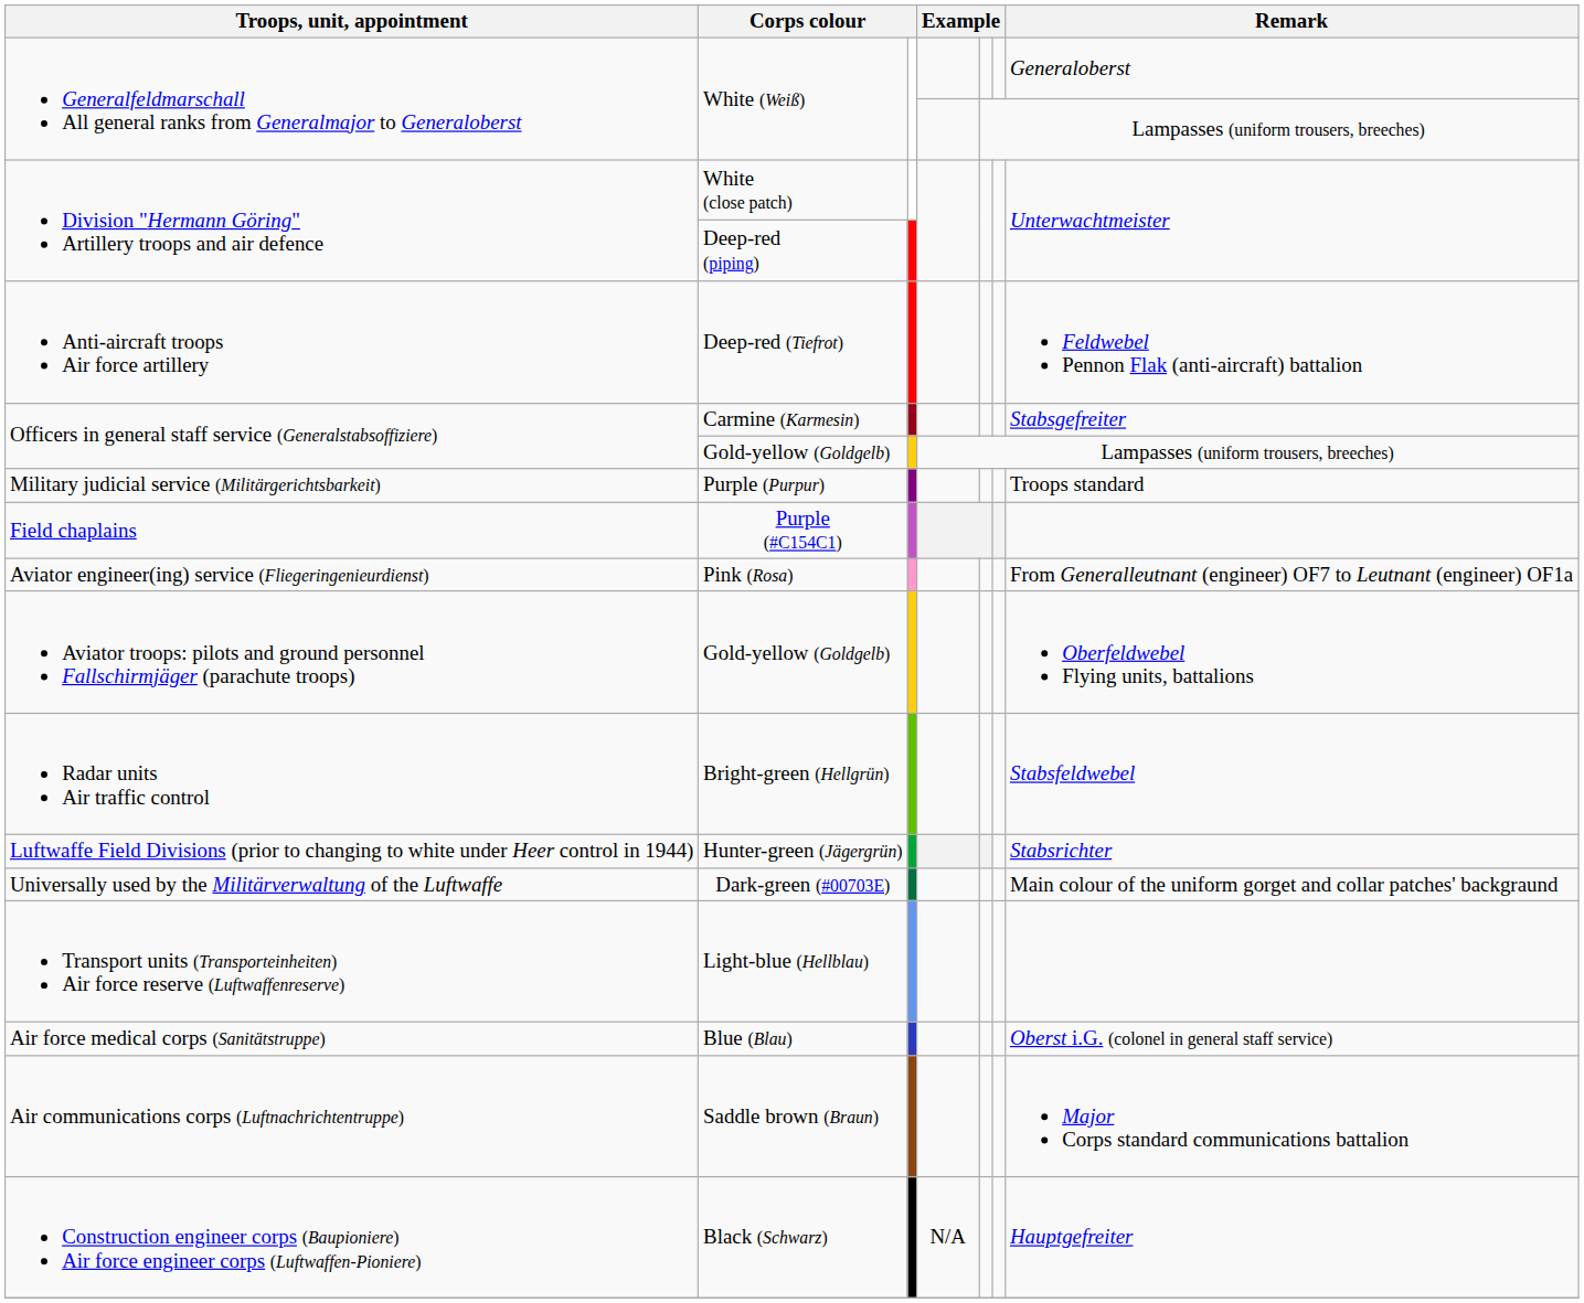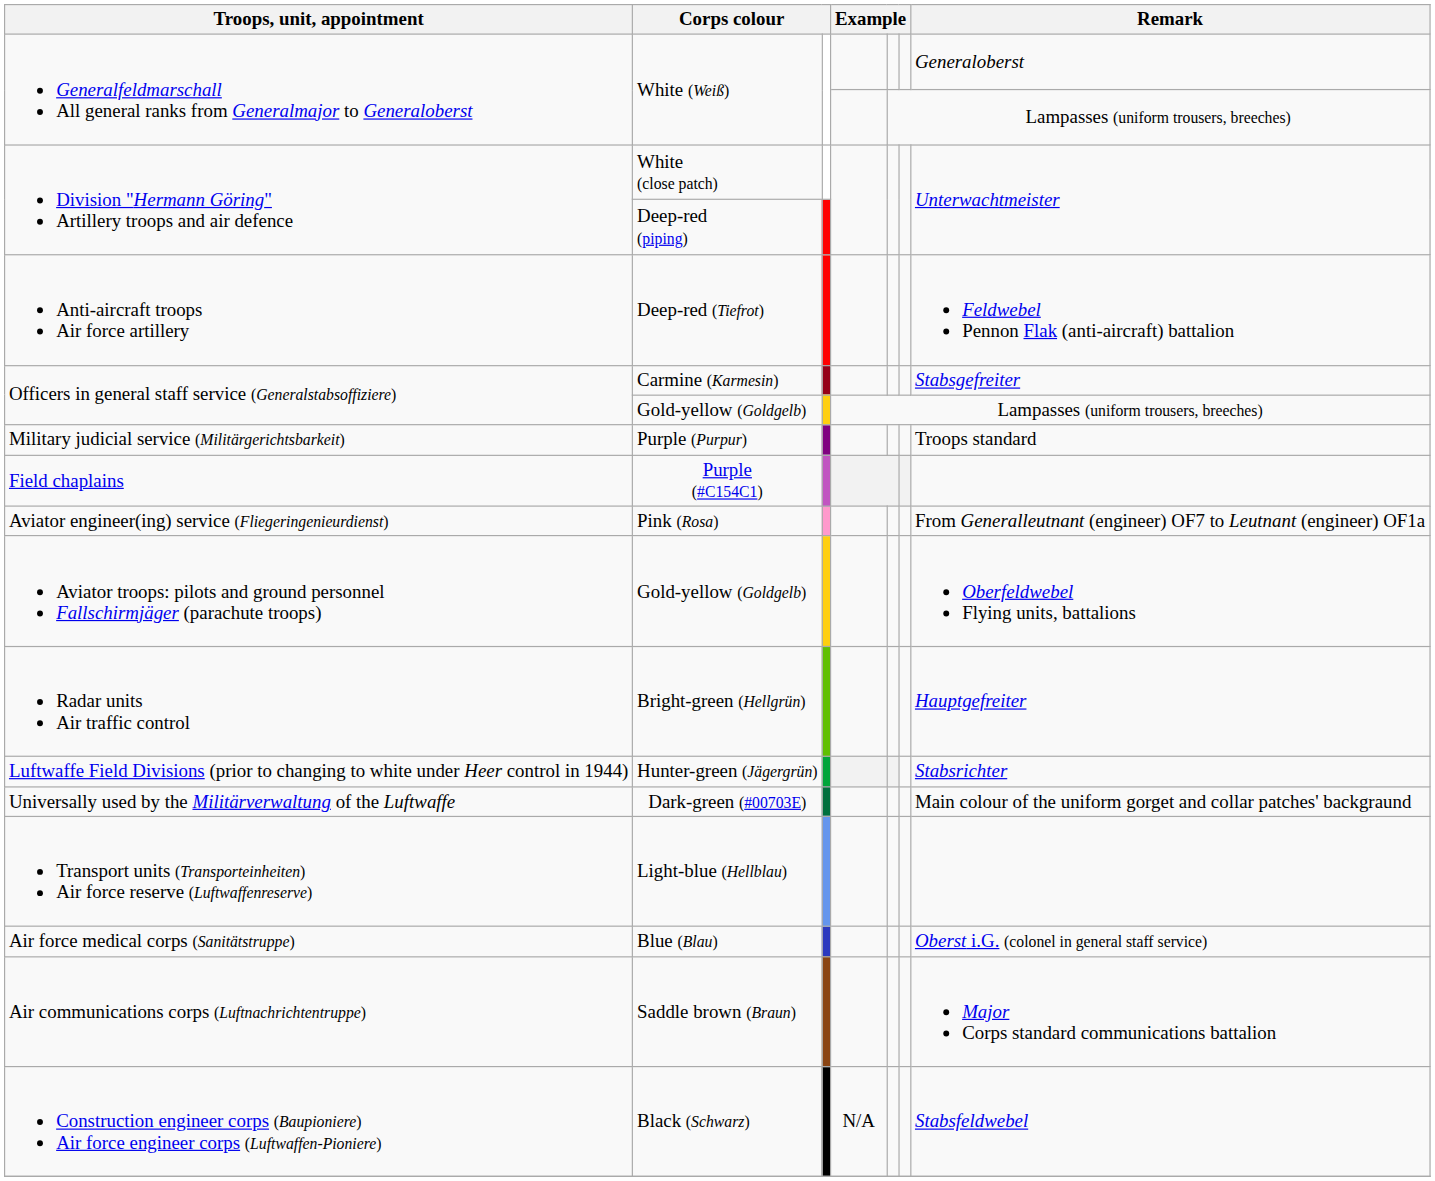 <table class="wikitable">
 <tr>
 <th>Troops, unit, appointment</th>
 <th colspan="2">Corps colour</th>
 <th colspan="3">Example</th>
 <th colspan="1">Remark</th>
 </tr>
 <tr 1>
 <td rowspan="2"><br><ul><li><em><a href='#'>Generalfeldmarschall</a></em></li><li>All general ranks from <em><a href='#'>Generalmajor</a></em> to <em><a href='#'>Generaloberst</a></em></li></ul></td>
 <td rowspan="2">White <small>(<em>Weiß</em>)</small></td>
 <td rowspan="2" style="background:white"></td>
 <td align="center"></td>
 <td align="center"></td>
 <td align="center"></td>
 <td><em>Generaloberst</em></td>
 </tr>
 <tr 2>
 <td align="center"></td>
 <td align="center" colspan="3">Lampasses <small>(uniform trousers, breeches)</small></td>
 </tr>
 <tr 3>
 <td rowspan=2><br><ul><li><a href='#'>Division "<em>Hermann Göring</em>"</a></li><li>Artillery troops and air defence</li></ul></td>
 <td>White<br><small>(close patch)</small></td>
 <td style = "background:white"></td>
 <td align="center" rowspan=2></td>
 <td rowspan=2></td>
 <td rowspan=2></td>
 <td rowspan=2><em><a href='#'>Unterwachtmeister</a></em></td>
 </tr>
 <tr>
 <td>Deep-red<br><small>(<a href='#'>piping</a>)</small></td>
 <td style="background:red"></td>
 </tr>
 <tr 4>
 <td><br><ul><li>Anti-aircraft troops</li><li>Air force artillery</li></ul></td>
 <td>Deep-red <small>(<em>Tiefrot</em>)</small></td>
 <td style="background:red"></td>
 <td align=center></td>
 <td align=center></td>
 <td align=center></td>
 <td><br><ul><li><em><a href='#'>Feldwebel</a></em></li><li>Pennon <a href='#'>Flak</a> (anti-aircraft) battalion</li></ul></td>
 </tr>
 <tr 5>
 <td rowspan="2">Officers in general staff service <small>(<em>Generalstabsoffiziere</em>)</small></td>
 <td>Carmine <small>(<em>Karmesin</em>)</small></td>
 <td style="background:#960018"></td>
 <td align=center></td>
 <td align=center></td>
 <td></td>
 <td><em><a href='#'>Stabsgefreiter</a></em></td>
 </tr>
 <tr 6>
 <td>Gold-yellow <small>(<em>Goldgelb</em>)</small></td>
 <td style="background:#Ffcf0f"></td>
 <td align=center colspan="4">Lampasses <small>(uniform trousers, breeches)</small></td>
 </tr>
 <tr 7>
 <td>Military judicial service <small>(<em>Militärgerichtsbarkeit</em>)</small></td>
 <td>Purple <small>(<em>Purpur</em>)</small></td>
 <td style="background:purple"></td>
 <td align=center></td>
 <td align=center></td>
 <td></td>
 <td>Troops standard</td>
 </tr>
 <tr 3>
 <td><a href='#'>Field chaplains</a></td>
 <td align="center"><a href='#'>Purple</a><br><small>(<a href='#'>#C154C1</a>)</small></td>
 <td align="center" style ="background:#C154C1;"></td>
 <th colspan="2"></th>
 <th></th>
 </tr>
 <tr 8>
 <td>Aviator engineer(ing) service <small>(<em>Fliegeringenieurdienst</em>)</small></td>
 <td>Pink <small>(<em>Rosa</em>)</small></td>
 <td style="background:#FF99CC"></td>
 <td></td>
 <td></td>
 <td></td>
 <td>From <em>Generalleutnant</em> (engineer) OF7 to <em>Leutnant</em> (engineer) OF1a</td>
 </tr>
 <tr 9>
 <td><br><ul><li>Aviator troops: pilots and ground personnel</li><li><em><a href='#'>Fallschirmjäger</a></em> (parachute troops)</li></ul></td>
 <td>Gold-yellow <small>(<em>Goldgelb</em>)</small></td>
 <td style="background:#Ffcf0f"></td>
 <td align=center></td>
 <td align=center></td>
 <td align=center></td>
 <td><br><ul><li><em><a href='#'>Oberfeldwebel</a></em></li><li>Flying units, battalions</li></ul></td>
 </tr>
 <tr 10>
 <td><br><ul><li>Radar units</li><li>Air traffic control</li></ul></td>
 <td>Bright-green <small>(<em>Hellgrün</em>)</small></td>
 <td style="background:#60c000"></td>
 <td align=center></td>
 <td align=center></td>
 <td></td>
-<td><em><a href='#'>Stabsfeldwebel</a></em></td>
+<td><a href='#'><em>Hauptgefreiter</em></a></td>
 </tr>
 <tr 12>
 <td><a href='#'>Luftwaffe Field Divisions</a> (prior to changing to white under <em>Heer</em> control in 1944)</td>
 <td>Hunter-green <small>(<em>Jägergrün</em>)</small></td>
 <td style="background:#00a53a;"></td>
 <th align=center style="background:"></th>
 <th align=center style="background:"></th>
 <td align=center style="background:"></td>
 <td><a href='#'><em>Stabsrichter</em></a></td>
 </tr>
 <tr 13>
 <td>Universally used by the <em><a href='#'>Militärverwaltung</a></em> of the <em>Luftwaffe</em></td>
 <td align="center">Dark-green <small>(<a href='#'>#00703E</a>)</small></td>
 <td align="center" style="background:#00703E;"></td>
 <td align="center"></td>
 <td align="center"></td>
 <td align="center"></td>
 <td>Main colour of the uniform gorget and collar patches' backgraund</td>
 </tr>
 <tr 14>
 <td><br><ul><li>Transport units <small>(<em>Transporteinheiten</em>)</small></li><li>Air force reserve <small>(<em>Luftwaffenreserve</em>)</small></li></ul></td>
 <td>Light-blue <small>(<em>Hellblau</em>)</small></td>
 <td style="background:cornflowerblue"></td>
 <td></td>
 <td></td>
 <td></td>
 <td></td>
 </tr>
 <tr 15>
 <td>Air force medical corps <small>(<em>Sanitätstruppe</em>)</small></td>
 <td>Blue <small>(<em>Blau</em>)</small></td>
 <td style="background:#2C39Bf; color:white"></td>
 <td align=center></td>
 <td align=center></td>
 <td></td>
 <td><a href='#'><em>Oberst</em> i.G.</a> <small>(colonel in general staff service)</small></td>
 </tr>
 <tr 16>
 <td>Air communications corps <small>(<em>Luftnachrichtentruppe</em>)</small></td>
 <td>Saddle brown <small>(<em>Braun</em>)</small></td>
 <td style="background:saddlebrown"></td>
 <td align=center></td>
 <td align=center></td>
 <td align=center></td>
 <td><br><ul><li><em><a href='#'>Major</a></em></li><li>Corps standard communications battalion</li></ul></td>
 </tr>
 <tr 17>
 <td><br><ul><li><a href='#'>Construction engineer corps</a> <small>(<em>Baupioniere</em>)</small></li><li><a href='#'>Air force engineer corps</a> <small>(<em>Luftwaffen-Pioniere</em>)</small></li></ul></td>
 <td>Black <small>(<em>Schwarz</em>)</small></td>
 <td style="background:black; color:white"></td>
 <td align=center style="vertical-align: middle">N/A</td>
 <td align=center></td>
 <td></td>
-<td><a href='#'><em>Hauptgefreiter</em></a></td>
+<td><em><a href='#'>Stabsfeldwebel</a></em></td>
 </tr>
 <tr>
 </tr>
 </table>
